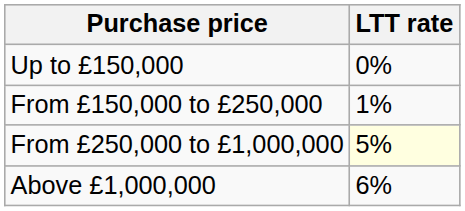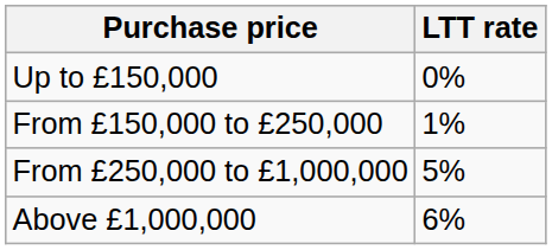 <table class="wikitable">
 <tr>
 <th>Purchase price</th>
 <th>LTT rate</th>
 </tr>
 <tr>
 <td>Up to £150,000</td>
 <td>0%</td>
 </tr>
 <tr>
 <td>From £150,000 to £250,000</td>
 <td>1%</td>
 </tr>
 <tr>
 <td>From £250,000 to £1,000,000</td>
-<td style="background: lightyellow;">5%</td>
+<td>5%</td>
 </tr>
 <tr>
 <td>Above £1,000,000</td>
 <td>6%</td>
 </tr>
 </table>
